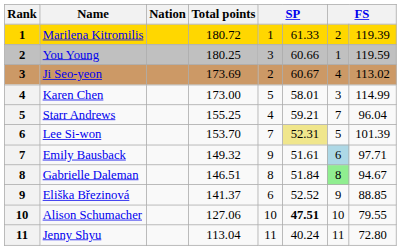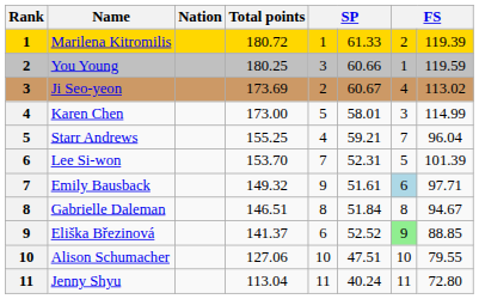 <table class="wikitable sortable">
 <tr>
 <th>Rank</th>
 <th>Name</th>
 <th>Nation</th>
 <th>Total points</th>
 <th colspan="2" width="80px"><a href='#'>SP</a></th>
 <th colspan="2" width="80px"><a href='#'>FS</a></th>
 </tr>
 <tr bgcolor="gold">
 <td align="center"><strong>1</strong></td>
 <td><a href='#'>Marilena Kitromilis</a></td>
 <td></td>
 <td align="center">180.72</td>
 <td align="center">1</td>
 <td align="center">61.33</td>
 <td align="center">2</td>
 <td align="center">119.39</td>
 </tr>
 <tr bgcolor="silver">
 <td align="center"><strong>2</strong></td>
 <td><a href='#'>You Young</a></td>
 <td></td>
 <td align="center">180.25</td>
 <td align="center">3</td>
 <td align="center">60.66</td>
 <td align="center">1</td>
 <td align="center">119.59</td>
 </tr>
 <tr bgcolor="cc9966">
 <td align="center"><strong>3</strong></td>
 <td><a href='#'>Ji Seo-yeon</a></td>
 <td></td>
 <td align="center">173.69</td>
 <td align="center">2</td>
 <td align="center">60.67</td>
 <td align="center">4</td>
 <td align="center">113.02</td>
 </tr>
 <tr>
 <th>4</th>
 <td><a href='#'>Karen Chen</a></td>
 <td></td>
 <td align="center">173.00</td>
 <td align="center">5</td>
 <td align="center">58.01</td>
 <td align="center">3</td>
 <td align="center">114.99</td>
 </tr>
 <tr>
 <th>5</th>
 <td><a href='#'>Starr Andrews</a></td>
 <td></td>
 <td align="center">155.25</td>
 <td align="center">4</td>
 <td align="center">59.21</td>
 <td align="center">7</td>
 <td align="center">96.04</td>
 </tr>
 <tr>
 <th>6</th>
 <td><a href='#'>Lee Si-won</a></td>
 <td></td>
 <td align="center">153.70</td>
 <td align="center">7</td>
-<td align="center" style="background: khaki;">52.31</td>
+<td align="center">52.31</td>
 <td align="center">5</td>
 <td align="center">101.39</td>
 </tr>
 <tr>
 <th>7</th>
 <td><a href='#'>Emily Bausback</a></td>
 <td></td>
 <td align="center">149.32</td>
 <td align="center">9</td>
 <td align="center">51.61</td>
 <td align="center" style="background: lightblue;">6</td>
 <td align="center">97.71</td>
 </tr>
 <tr>
 <th>8</th>
 <td><a href='#'>Gabrielle Daleman</a></td>
 <td></td>
 <td align="center">146.51</td>
 <td align="center">8</td>
 <td align="center">51.84</td>
-<td align="center" style="background: lightgreen;">8</td>
+<td align="center">8</td>
 <td align="center">94.67</td>
 </tr>
 <tr>
 <th>9</th>
 <td><a href='#'>Eliška Březinová</a></td>
 <td></td>
 <td align="center">141.37</td>
 <td align="center">6</td>
 <td align="center">52.52</td>
-<td align="center">9</td>
+<td align="center" style="background: lightgreen;">9</td>
 <td align="center">88.85</td>
 </tr>
 <tr>
 <th>10</th>
 <td><a href='#'>Alison Schumacher</a></td>
 <td></td>
 <td align="center">127.06</td>
 <td align="center">10</td>
-<td align="center"><strong>47.51</strong></td>
+<td align="center">47.51</td>
 <td align="center">10</td>
 <td align="center">79.55</td>
 </tr>
 <tr>
 <th>11</th>
 <td><a href='#'>Jenny Shyu</a></td>
 <td></td>
 <td align="center">113.04</td>
 <td align="center">11</td>
 <td align="center">40.24</td>
 <td align="center">11</td>
 <td align="center">72.80</td>
 </tr>
 </table>
